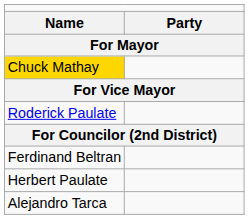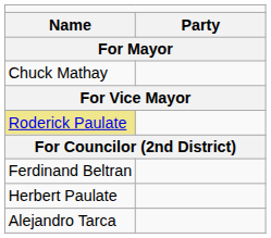 <table class=wikitable style="font-size:90%">
 <tr>
 <td colspan=4 bgcolor=></td>
 </tr>
 <tr>
 <th width=50%>Name</th>
 <th colspan=2>Party</th>
 </tr>
 <tr>
 <th colspan=3>For Mayor</th>
 </tr>
 <tr>
-<td style="background: gold;">Chuck Mathay</td>
+<td>Chuck Mathay</td>
 <td></td>
 </tr>
 <tr>
 <th colspan=3>For Vice Mayor</th>
 </tr>
 <tr>
-<td><a href='#'>Roderick Paulate</a></td>
+<td style="background: khaki;"><a href='#'>Roderick Paulate</a></td>
 <td></td>
 </tr>
 <tr>
 <th colspan=3>For Councilor (2nd District)</th>
 </tr>
 <tr>
 <td>Ferdinand Beltran</td>
 <td></td>
 </tr>
 <tr>
 <td>Herbert Paulate</td>
 <td></td>
 </tr>
 <tr>
 <td>Alejandro Tarca</td>
 <td></td>
 </tr>
 </table>
